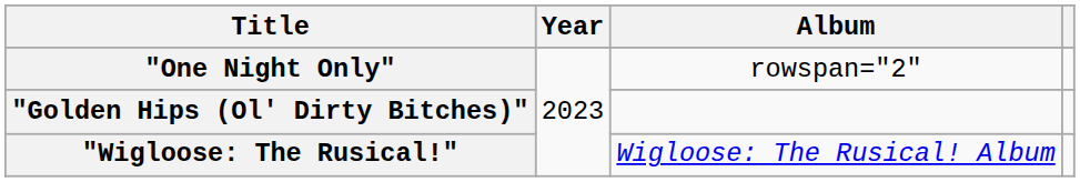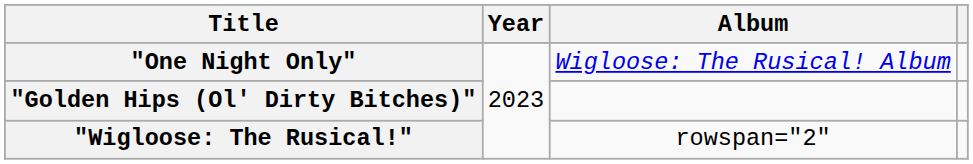 <table class="wikitable plainrowheaders" style="text-align:center;">
 <tr>
 <th class="unsortable" scope="col">Title</th>
 <th class="unsortable" scope="col">Year</th>
 <th class="unsortable" scope="col">Album</th>
 <th class="unsortable" scope="col"></th>
 </tr>
 <tr>
 <th scope="row">"One Night  Only" <br></th>
 <td rowspan="3">2023</td>
-<td>rowspan="2" </td>
+<td><em><a href='#'>Wigloose: The Rusical! Album</a></em></td>
 <td style="text-align: center;"></td>
 </tr>
 <tr>
 <th scope="row">"Golden Hips (Ol' Dirty Bitches)" <br></th>
 <td style="text-align: center;"></td>
 </tr>
 <tr>
 <th scope="row">"Wigloose: The Rusical!" <br></th>
-<td><em><a href='#'>Wigloose: The Rusical! Album</a></em></td>
+<td>rowspan="2" </td>
 <td style="text-align: center;"></td>
 </tr>
 </table>
